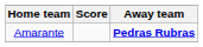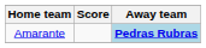 <table class="wikitable" style="text-align: center">
 <tr>
 </tr>
 <tr>
 <th>Home team</th>
 <th>Score</th>
 <th>Away team</th>
 </tr>
 <tr>
 <td><a href='#'>Amarante</a> </td>
 <td></td>
-<td><strong><a href='#'>Pedras Rubras</a></strong> </td>
+<td style="background: lightblue;"><strong><a href='#'>Pedras Rubras</a></strong> </td>
 </tr>
 <tr>
 </tr>
 </table>
